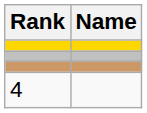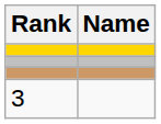 <table class="wikitable">
 <tr>
 <th>Rank</th>
 <th>Name</th>
 </tr>
 <tr style="background:gold;">
 <td></td>
 <td></td>
 </tr>
 <tr style="background:silver;">
 <td></td>
 <td></td>
 </tr>
 <tr style="background:#CC9966;">
 <td></td>
 <td></td>
 </tr>
 <tr>
-<td>4</td>
+<td>3</td>
 <td></td>
 </tr>
 </table>
